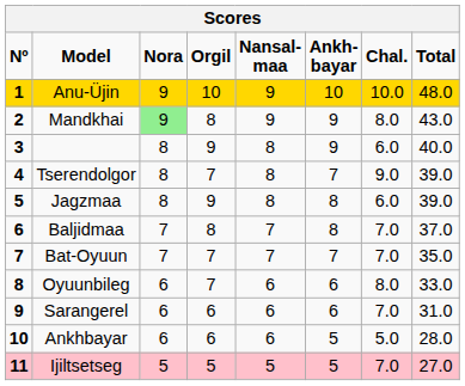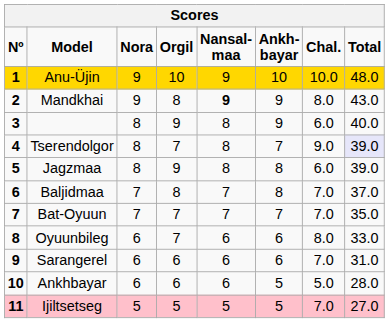 <table class="wikitable collapsible autocollapse" style="text-align:center;">
 <tr>
 <th colspan="8">Scores</th>
 </tr>
 <tr>
 <td><strong>Nº</strong></td>
 <td><strong>Model</strong></td>
 <td><strong>Nora</strong></td>
 <td><strong>Orgil</strong></td>
 <td><strong>Nansal-<br>maa</strong></td>
 <td><strong>Ankh-<br>bayar</strong></td>
 <td><strong>Chal.</strong></td>
 <td><strong>Total</strong></td>
 </tr>
 <tr>
 <td style="background:gold"><strong>1</strong></td>
 <td style="background:gold">Anu-Üjin</td>
 <td style="background:gold">9</td>
 <td style="background:gold">10</td>
 <td style="background:gold">9</td>
 <td style="background:gold">10</td>
 <td style="background:gold">10.0</td>
 <td style="background:gold">48.0</td>
 </tr>
 <tr>
 <td><strong>2</strong></td>
 <td>Mandkhai</td>
-<td style="background: lightgreen;">9</td>
+<td>9</td>
 <td>8</td>
-<td>9</td>
+<td><strong>9</strong></td>
 <td>9</td>
 <td>8.0</td>
 <td>43.0</td>
 </tr>
 <tr>
 <td><strong>3</strong></td>
 <td></td>
 <td>8</td>
 <td>9</td>
 <td>8</td>
 <td>9</td>
 <td>6.0</td>
 <td>40.0</td>
 </tr>
 <tr>
 <td><strong>4</strong></td>
 <td>Tserendolgor</td>
 <td>8</td>
 <td>7</td>
 <td>8</td>
 <td>7</td>
 <td>9.0</td>
-<td>39.0</td>
+<td style="background: lavender;">39.0</td>
 </tr>
 <tr>
 <td><strong>5</strong></td>
 <td>Jagzmaa</td>
 <td>8</td>
 <td>9</td>
 <td>8</td>
 <td>8</td>
 <td>6.0</td>
 <td>39.0</td>
 </tr>
 <tr>
 <td><strong>6</strong></td>
 <td>Baljidmaa</td>
 <td>7</td>
 <td>8</td>
 <td>7</td>
 <td>8</td>
 <td>7.0</td>
 <td>37.0</td>
 </tr>
 <tr>
 <td><strong>7</strong></td>
 <td>Bat-Oyuun</td>
 <td>7</td>
 <td>7</td>
 <td>7</td>
 <td>7</td>
 <td>7.0</td>
 <td>35.0</td>
 </tr>
 <tr>
 <td><strong>8</strong></td>
 <td>Oyuunbileg</td>
 <td>6</td>
 <td>7</td>
 <td>6</td>
 <td>6</td>
 <td>8.0</td>
 <td>33.0</td>
 </tr>
 <tr>
 <td><strong>9</strong></td>
 <td>Sarangerel</td>
 <td>6</td>
 <td>6</td>
 <td>6</td>
 <td>6</td>
 <td>7.0</td>
 <td>31.0</td>
 </tr>
 <tr>
 <td><strong>10</strong></td>
 <td>Ankhbayar</td>
 <td>6</td>
 <td>6</td>
 <td>6</td>
 <td>5</td>
 <td>5.0</td>
 <td>28.0</td>
 </tr>
 <tr>
 <td style="background:pink"><strong>11</strong></td>
 <td style="background:pink">Ijiltsetseg</td>
 <td style="background:pink">5</td>
 <td style="background:pink">5</td>
 <td style="background:pink">5</td>
 <td style="background:pink">5</td>
 <td style="background:pink">7.0</td>
 <td style="background:pink">27.0</td>
 </tr>
 </table>
